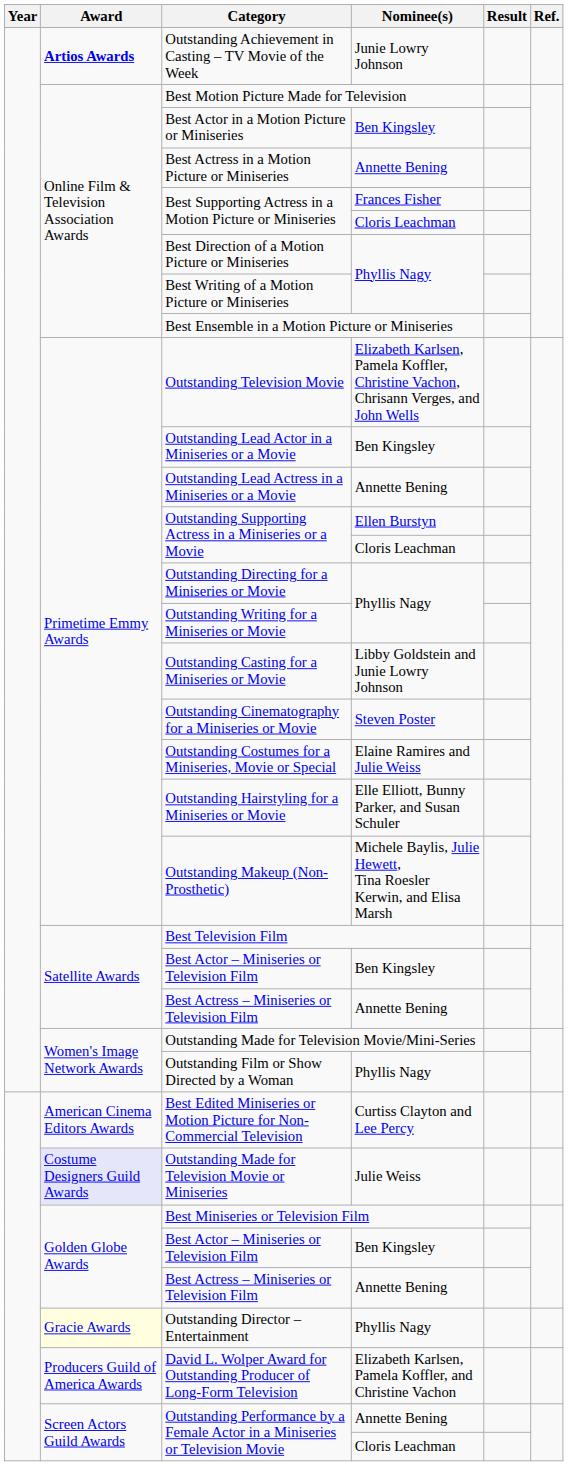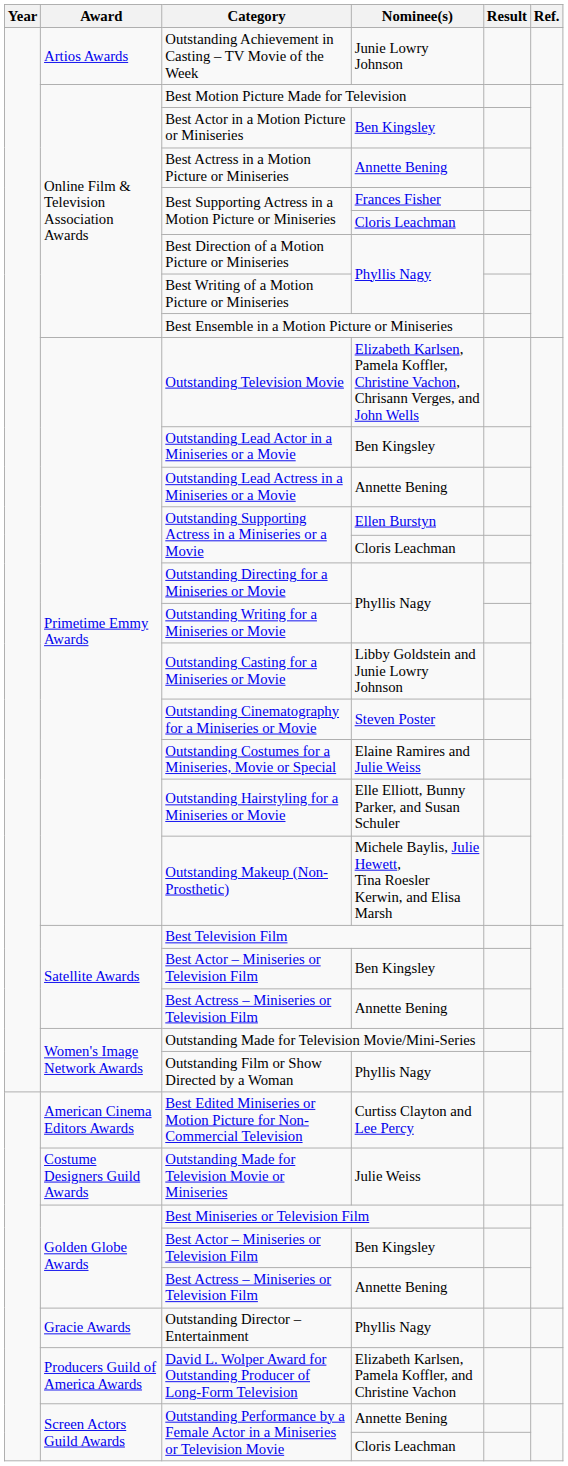 <table class="wikitable sortable">
 <tr>
 <th>Year</th>
 <th>Award</th>
 <th>Category</th>
 <th>Nominee(s)</th>
 <th>Result</th>
 <th>Ref.</th>
 </tr>
 <tr>
 <td rowspan="26"></td>
-<td><strong><a href='#'>Artios Awards</a></strong></td>
+<td><a href='#'>Artios Awards</a></td>
 <td>Outstanding Achievement in Casting – TV Movie of the Week</td>
 <td>Junie Lowry Johnson</td>
 <td></td>
 <td align="center"></td>
 </tr>
 <tr>
 <td rowspan="8">Online Film & Television Association Awards</td>
 <td colspan="2">Best Motion Picture Made for Television</td>
 <td></td>
 <td align="center" rowspan="8"></td>
 </tr>
 <tr>
 <td>Best Actor in a Motion Picture or Miniseries</td>
 <td><a href='#'>Ben Kingsley</a></td>
 <td></td>
 </tr>
 <tr>
 <td>Best Actress in a Motion Picture or Miniseries</td>
 <td><a href='#'>Annette Bening</a></td>
 <td></td>
 </tr>
 <tr>
 <td rowspan="2">Best Supporting Actress in a Motion Picture or Miniseries</td>
 <td><a href='#'>Frances Fisher</a></td>
 <td></td>
 </tr>
 <tr>
 <td><a href='#'>Cloris Leachman</a></td>
 <td></td>
 </tr>
 <tr>
 <td>Best Direction of a Motion Picture or Miniseries</td>
 <td rowspan="2"><a href='#'>Phyllis Nagy</a></td>
 <td></td>
 </tr>
 <tr>
 <td>Best Writing of a Motion Picture or Miniseries</td>
 <td></td>
 </tr>
 <tr>
 <td colspan="2">Best Ensemble in a Motion Picture or Miniseries</td>
 <td></td>
 </tr>
 <tr>
 <td rowspan="12"><a href='#'>Primetime Emmy Awards</a></td>
 <td><a href='#'>Outstanding Television Movie</a></td>
 <td><a href='#'>Elizabeth Karlsen</a>, Pamela Koffler, <a href='#'>Christine Vachon</a>, <br> Chrisann Verges, and <a href='#'>John Wells</a></td>
 <td></td>
 <td align="center" rowspan="12"></td>
 </tr>
 <tr>
 <td><a href='#'>Outstanding Lead Actor in a Miniseries or a Movie</a></td>
 <td>Ben Kingsley</td>
 <td></td>
 </tr>
 <tr>
 <td><a href='#'>Outstanding Lead Actress in a Miniseries or a Movie</a></td>
 <td>Annette Bening</td>
 <td></td>
 </tr>
 <tr>
 <td rowspan="2"><a href='#'>Outstanding Supporting Actress in a Miniseries or a Movie</a></td>
 <td><a href='#'>Ellen Burstyn</a></td>
 <td></td>
 </tr>
 <tr>
 <td>Cloris Leachman</td>
 <td></td>
 </tr>
 <tr>
 <td><a href='#'>Outstanding Directing for a Miniseries or Movie</a></td>
 <td rowspan="2">Phyllis Nagy</td>
 <td></td>
 </tr>
 <tr>
 <td><a href='#'>Outstanding Writing for a Miniseries or Movie</a></td>
 <td></td>
 </tr>
 <tr>
 <td><a href='#'>Outstanding Casting for a Miniseries or Movie</a></td>
 <td>Libby Goldstein and Junie Lowry Johnson</td>
 <td></td>
 </tr>
 <tr>
 <td><a href='#'>Outstanding Cinematography for a Miniseries or Movie</a></td>
 <td><a href='#'>Steven Poster</a></td>
 <td></td>
 </tr>
 <tr>
 <td><a href='#'>Outstanding Costumes for a Miniseries, Movie or Special</a></td>
 <td>Elaine Ramires and <a href='#'>Julie Weiss</a></td>
 <td></td>
 </tr>
 <tr>
 <td><a href='#'>Outstanding Hairstyling for a Miniseries or Movie</a></td>
 <td>Elle Elliott, Bunny Parker, and Susan Schuler</td>
 <td></td>
 </tr>
 <tr>
 <td><a href='#'>Outstanding Makeup (Non-Prosthetic)</a></td>
 <td>Michele Baylis, <a href='#'>Julie Hewett</a>, <br> Tina Roesler Kerwin, and Elisa Marsh</td>
 <td></td>
 </tr>
 <tr>
 <td rowspan="3"><a href='#'>Satellite Awards</a></td>
 <td colspan="2"><a href='#'>Best Television Film</a></td>
 <td></td>
 <td align="center" rowspan="3"></td>
 </tr>
 <tr>
 <td><a href='#'>Best Actor – Miniseries or Television Film</a></td>
 <td>Ben Kingsley</td>
 <td></td>
 </tr>
 <tr>
 <td><a href='#'>Best Actress – Miniseries or Television Film</a></td>
 <td>Annette Bening</td>
 <td></td>
 </tr>
 <tr>
 <td rowspan="2"><a href='#'>Women's Image Network Awards</a></td>
 <td colspan="2">Outstanding Made for Television Movie/Mini-Series</td>
 <td></td>
 <td align="center" rowspan="2"></td>
 </tr>
 <tr>
 <td>Outstanding Film or Show Directed by a Woman</td>
 <td>Phyllis Nagy</td>
 <td></td>
 </tr>
 <tr>
 <td rowspan="9"></td>
 <td><a href='#'>American Cinema Editors Awards</a></td>
 <td><a href='#'>Best Edited Miniseries or Motion Picture for Non-Commercial Television</a></td>
 <td>Curtiss Clayton and <a href='#'>Lee Percy</a></td>
 <td></td>
 <td align="center"></td>
 </tr>
 <tr>
-<td style="background: lavender;"><a href='#'>Costume Designers Guild Awards</a></td>
+<td><a href='#'>Costume Designers Guild Awards</a></td>
 <td><a href='#'>Outstanding Made for Television Movie or Miniseries</a></td>
 <td>Julie Weiss</td>
 <td></td>
 <td align="center"></td>
 </tr>
 <tr>
 <td rowspan="3"><a href='#'>Golden Globe Awards</a></td>
 <td colspan="2"><a href='#'>Best Miniseries or Television Film</a></td>
 <td></td>
 <td align="center" rowspan="3"></td>
 </tr>
 <tr>
 <td><a href='#'>Best Actor – Miniseries or Television Film</a></td>
 <td>Ben Kingsley</td>
 <td></td>
 </tr>
 <tr>
 <td><a href='#'>Best Actress – Miniseries or Television Film</a></td>
 <td>Annette Bening</td>
 <td></td>
 </tr>
 <tr>
-<td style="background: lightyellow;"><a href='#'>Gracie Awards</a></td>
+<td><a href='#'>Gracie Awards</a></td>
 <td>Outstanding Director – Entertainment</td>
 <td>Phyllis Nagy</td>
 <td></td>
 <td align="center"></td>
 </tr>
 <tr>
 <td><a href='#'>Producers Guild of America Awards</a></td>
 <td><a href='#'>David L. Wolper Award for Outstanding Producer of Long-Form Television</a></td>
 <td>Elizabeth Karlsen, Pamela Koffler, and <br> Christine Vachon</td>
 <td></td>
 <td align="center"></td>
 </tr>
 <tr>
 <td rowspan="2"><a href='#'>Screen Actors Guild Awards</a></td>
 <td rowspan="2"><a href='#'>Outstanding Performance by a Female Actor in a Miniseries or Television Movie</a></td>
 <td>Annette Bening</td>
 <td></td>
 <td align="center" rowspan="2"></td>
 </tr>
 <tr>
 <td>Cloris Leachman</td>
 <td></td>
 </tr>
 </table>
